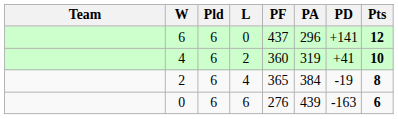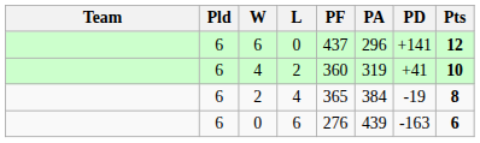 <table class=wikitable style="text-align:center">
 <tr>
 <th width=180>Team</th>
+<th width=30>Pld</th>
 <th width=30>W</th>
-<th width=30>Pld</th>
 <th width=30>L</th>
 <th width=30>PF</th>
 <th width=30>PA</th>
 <th width=30>PD</th>
 <th width=30>Pts</th>
 </tr>
 <tr align=center bgcolor="#ccffcc">
 <td align=left></td>
 <td>6</td>
 <td>6</td>
 <td>0</td>
 <td>437</td>
 <td>296</td>
 <td>+141</td>
 <td><strong>12</strong></td>
 </tr>
 <tr align=center bgcolor="#ccffcc">
 <td align=left></td>
+<td>6</td>
 <td>4</td>
-<td>6</td>
 <td>2</td>
 <td>360</td>
 <td>319</td>
 <td>+41</td>
 <td><strong>10</strong></td>
 </tr>
 <tr align=center bgcolor=>
 <td align=left></td>
+<td>6</td>
 <td>2</td>
-<td>6</td>
 <td>4</td>
 <td>365</td>
 <td>384</td>
 <td>-19</td>
 <td><strong>8</strong></td>
 </tr>
 <tr align=center bgcolor=>
 <td align=left></td>
+<td>6</td>
 <td>0</td>
-<td>6</td>
 <td>6</td>
 <td>276</td>
 <td>439</td>
 <td>-163</td>
 <td><strong>6</strong></td>
 </tr>
 </table>
